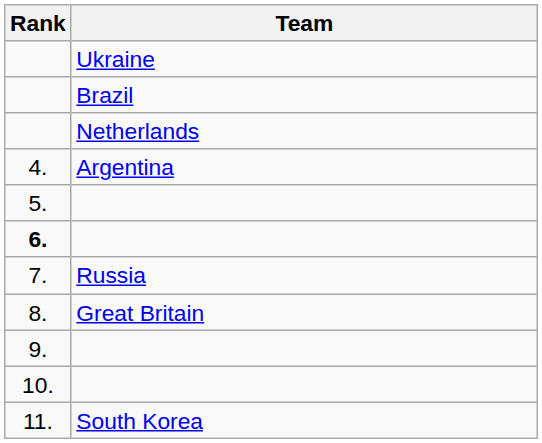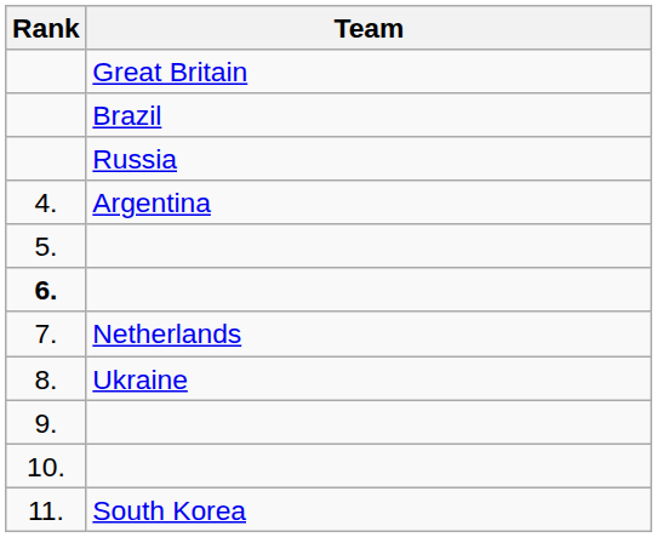 <table class="wikitable" style="font-size:95%;">
 <tr>
 <th>Rank</th>
 <th align="left" style="width: 20em">Team</th>
 </tr>
 <tr>
 <td align="center"></td>
-<td> <a href='#'>Ukraine</a></td>
+<td> <a href='#'>Great Britain</a></td>
 </tr>
 <tr>
 <td align="center"></td>
 <td> <a href='#'>Brazil</a></td>
 </tr>
 <tr>
 <td align="center"></td>
-<td> <a href='#'>Netherlands</a></td>
+<td> <a href='#'>Russia</a></td>
 </tr>
 <tr>
 <td rowspan=1 align="center">4.</td>
 <td> <a href='#'>Argentina</a></td>
 </tr>
 <tr>
 <td rowspan=1 align="center">5.</td>
 <td></td>
 </tr>
 <tr>
 <td rowspan=1 align="center"><strong>6.</strong></td>
 <td></td>
 </tr>
 <tr>
 <td rowspan=1 align="center">7.</td>
-<td> <a href='#'>Russia</a></td>
+<td> <a href='#'>Netherlands</a></td>
 </tr>
 <tr>
 <td rowspan=1 align="center">8.</td>
-<td> <a href='#'>Great Britain</a></td>
+<td> <a href='#'>Ukraine</a></td>
 </tr>
 <tr>
 <td rowspan=1 align="center">9.</td>
 <td></td>
 </tr>
 <tr>
 <td rowspan=1 align="center">10.</td>
 <td></td>
 </tr>
 <tr>
 <td rowspan=1 align="center">11.</td>
 <td> <a href='#'>South Korea</a></td>
 </tr>
 </table>
